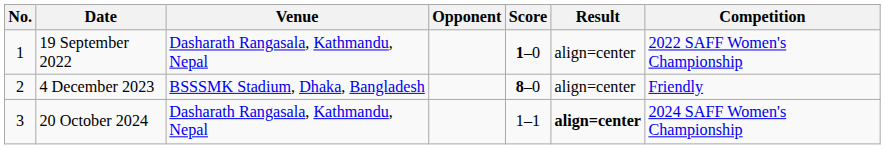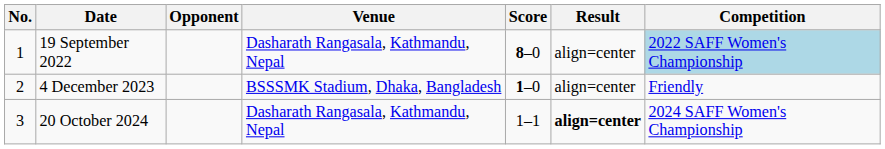 <table class="wikitable">
 <tr>
 <th>No.</th>
 <th>Date</th>
+<th>Opponent</th>
 <th>Venue</th>
-<th>Opponent</th>
 <th>Score</th>
 <th>Result</th>
 <th>Competition</th>
 </tr>
 <tr>
 <td align=center>1</td>
 <td>19 September 2022</td>
+<td></td>
 <td><a href='#'>Dasharath Rangasala</a>, <a href='#'>Kathmandu</a>, <a href='#'>Nepal</a></td>
-<td></td>
-<td align=center><strong>1</strong>–0</td>
+<td align=center><strong>8</strong>–0</td>
 <td>align=center </td>
-<td><a href='#'>2022 SAFF Women's Championship</a></td>
+<td style="background: lightblue;"><a href='#'>2022 SAFF Women's Championship</a></td>
 </tr>
 <tr>
 <td align=center>2</td>
 <td>4 December 2023</td>
+<td></td>
 <td><a href='#'>BSSSMK Stadium</a>, <a href='#'>Dhaka</a>, <a href='#'>Bangladesh</a></td>
-<td></td>
-<td align=center><strong>8</strong>–0</td>
+<td align=center><strong>1</strong>–0</td>
 <td>align=center </td>
 <td><a href='#'>Friendly</a></td>
 </tr>
 <tr>
 <td align=center>3</td>
 <td>20 October 2024</td>
+<td></td>
 <td><a href='#'>Dasharath Rangasala</a>, <a href='#'>Kathmandu</a>, <a href='#'>Nepal</a></td>
-<td></td>
 <td align=center>1–1</td>
 <td><strong>align=center </strong></td>
 <td><a href='#'>2024 SAFF Women's Championship</a></td>
 </tr>
 </table>
